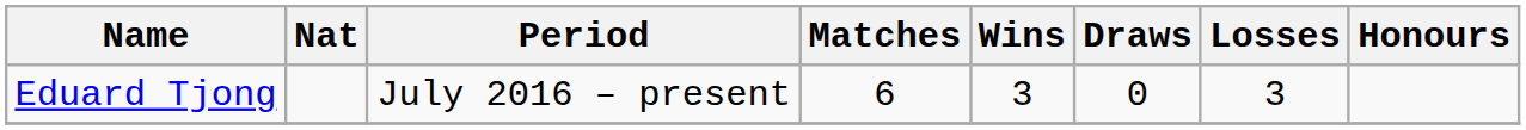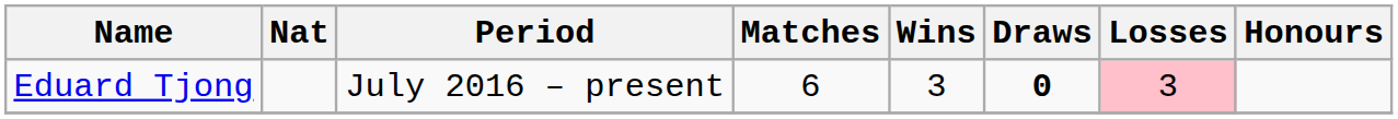 <table class="wikitable">
 <tr>
 <th>Name</th>
 <th>Nat</th>
 <th>Period</th>
 <th>Matches</th>
 <th>Wins</th>
 <th>Draws</th>
 <th>Losses</th>
 <th>Honours</th>
 </tr>
 <tr>
 <td><a href='#'>Eduard Tjong</a></td>
 <td align="center"></td>
 <td align="center">July 2016 – present</td>
 <td align="center">6</td>
 <td align="center">3</td>
-<td align="center">0</td>
-<td align="center">3</td>
+<td align="center"><strong>0</strong></td>
+<td align="center" style="background: pink;">3</td>
 <td align="center"></td>
 </tr>
 <tr>
 </tr>
 </table>
